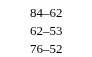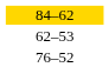 <table style="text-align:center">
 <tr>
 <th width=200></th>
 <th width=100></th>
 <th width=200></th>
 <th></th>
 </tr>
 <tr>
 <td align=right><strong></strong></td>
-<td>84–62</td>
+<td style="background: gold;">84–62</td>
 <td align=left></td>
 </tr>
 <tr>
 <td align=right><strong></strong></td>
 <td>62–53</td>
 <td align=left></td>
 </tr>
 <tr>
 <td align=right><strong></strong></td>
 <td>76–52</td>
 <td align=left></td>
 </tr>
 </table>
